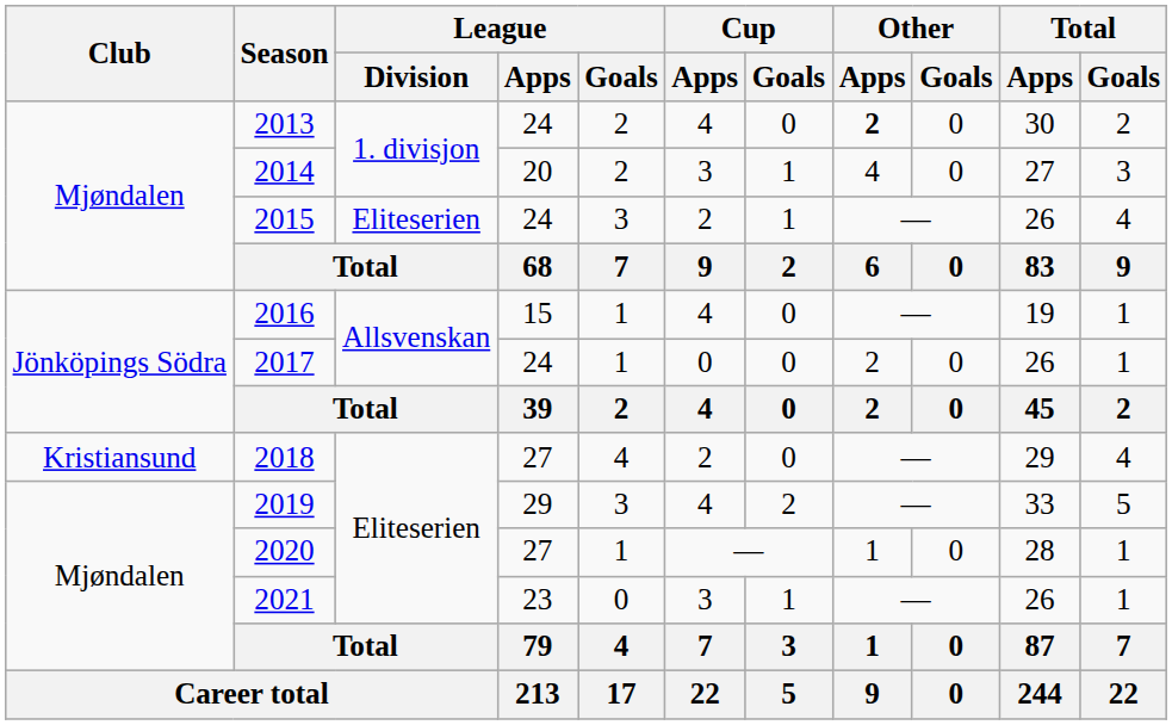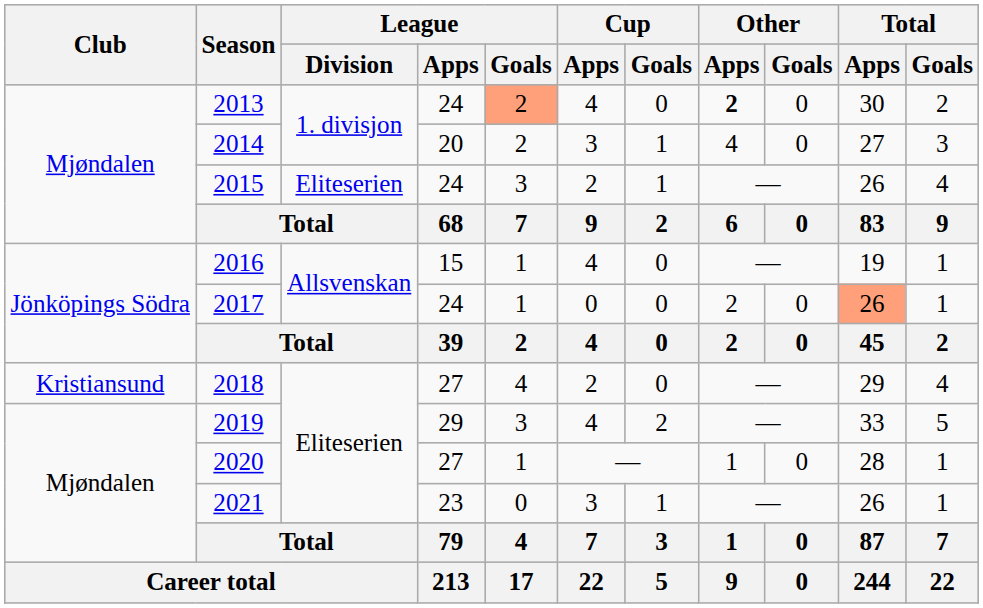 <table class="wikitable" style="text-align: center;">
 <tr>
 <th rowspan="2">Club</th>
 <th rowspan="2">Season</th>
 <th colspan="3">League</th>
 <th colspan="2">Cup</th>
 <th colspan="2">Other</th>
 <th colspan="2">Total</th>
 </tr>
 <tr>
 <th>Division</th>
 <th>Apps</th>
 <th>Goals</th>
 <th>Apps</th>
 <th>Goals</th>
 <th>Apps</th>
 <th>Goals</th>
 <th>Apps</th>
 <th>Goals</th>
 </tr>
 <tr>
 <td rowspan="4" valign="center"><a href='#'>Mjøndalen</a></td>
 <td><a href='#'>2013</a></td>
 <td rowspan="2" valign="center"><a href='#'>1. divisjon</a></td>
 <td>24</td>
-<td>2</td>
+<td style="background: lightsalmon;">2</td>
 <td>4</td>
 <td>0</td>
 <td><strong>2</strong></td>
 <td>0</td>
 <td>30</td>
 <td>2</td>
 </tr>
 <tr>
 <td><a href='#'>2014</a></td>
 <td>20</td>
 <td>2</td>
 <td>3</td>
 <td>1</td>
 <td>4</td>
 <td>0</td>
 <td>27</td>
 <td>3</td>
 </tr>
 <tr>
 <td><a href='#'>2015</a></td>
 <td rowspan="1" valign="center"><a href='#'>Eliteserien</a></td>
 <td>24</td>
 <td>3</td>
 <td>2</td>
 <td>1</td>
 <td colspan="2">—</td>
 <td>26</td>
 <td>4</td>
 </tr>
 <tr>
 <th colspan="2">Total</th>
 <th>68</th>
 <th>7</th>
 <th>9</th>
 <th>2</th>
 <th>6</th>
 <th>0</th>
 <th>83</th>
 <th>9</th>
 </tr>
 <tr>
 <td rowspan="3" valign="center"><a href='#'>Jönköpings Södra</a></td>
 <td><a href='#'>2016</a></td>
 <td rowspan="2" valign="center"><a href='#'>Allsvenskan</a></td>
 <td>15</td>
 <td>1</td>
 <td>4</td>
 <td>0</td>
 <td colspan="2">—</td>
 <td>19</td>
 <td>1</td>
 </tr>
 <tr>
 <td><a href='#'>2017</a></td>
 <td>24</td>
 <td>1</td>
 <td>0</td>
 <td>0</td>
 <td>2</td>
 <td>0</td>
-<td>26</td>
+<td style="background: lightsalmon;">26</td>
 <td>1</td>
 </tr>
 <tr>
 <th colspan="2">Total</th>
 <th>39</th>
 <th>2</th>
 <th>4</th>
 <th>0</th>
 <th>2</th>
 <th>0</th>
 <th>45</th>
 <th>2</th>
 </tr>
 <tr>
 <td rowspan="1" valign="center"><a href='#'>Kristiansund</a></td>
 <td><a href='#'>2018</a></td>
 <td rowspan="4" valign="center">Eliteserien</td>
 <td>27</td>
 <td>4</td>
 <td>2</td>
 <td>0</td>
 <td colspan="2">—</td>
 <td>29</td>
 <td>4</td>
 </tr>
 <tr>
 <td rowspan="4" valign="center">Mjøndalen</td>
 <td><a href='#'>2019</a></td>
 <td>29</td>
 <td>3</td>
 <td>4</td>
 <td>2</td>
 <td colspan="2">—</td>
 <td>33</td>
 <td>5</td>
 </tr>
 <tr>
 <td><a href='#'>2020</a></td>
 <td>27</td>
 <td>1</td>
 <td colspan="2">—</td>
 <td>1</td>
 <td>0</td>
 <td>28</td>
 <td>1</td>
 </tr>
 <tr>
 <td><a href='#'>2021</a></td>
 <td>23</td>
 <td>0</td>
 <td>3</td>
 <td>1</td>
 <td colspan="2">—</td>
 <td>26</td>
 <td>1</td>
 </tr>
 <tr>
 <th colspan="2">Total</th>
 <th>79</th>
 <th>4</th>
 <th>7</th>
 <th>3</th>
 <th>1</th>
 <th>0</th>
 <th>87</th>
 <th>7</th>
 </tr>
 <tr>
 <th colspan="3">Career total</th>
 <th>213</th>
 <th>17</th>
 <th>22</th>
 <th>5</th>
 <th>9</th>
 <th>0</th>
 <th>244</th>
 <th>22</th>
 </tr>
 </table>
